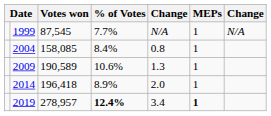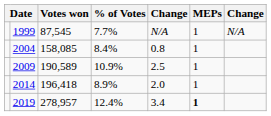 <table class="wikitable sortable">
 <tr>
 <th colspan="2">Date</th>
 <th>Votes won</th>
 <th>% of Votes</th>
 <th>Change</th>
 <th>MEPs</th>
 <th>Change</th>
 </tr>
 <tr>
 <td width="1"></td>
 <td><a href='#'>1999</a></td>
 <td>87,545</td>
 <td>7.7%</td>
 <td><em>N/A</em></td>
 <td>1</td>
 <td><em>N/A</em></td>
 </tr>
 <tr>
 <td width="1"></td>
 <td><a href='#'>2004</a></td>
 <td>158,085</td>
 <td>8.4%</td>
 <td>0.8</td>
 <td>1</td>
 <td></td>
 </tr>
 <tr>
 <td width="1"></td>
 <td><a href='#'>2009</a></td>
 <td>190,589</td>
-<td>10.6%</td>
-<td>1.3</td>
+<td>10.9%</td>
+<td>2.5</td>
 <td>1</td>
 <td></td>
 </tr>
 <tr>
 <td width="1"></td>
 <td><a href='#'>2014</a></td>
 <td>196,418</td>
 <td>8.9%</td>
 <td>2.0</td>
 <td>1</td>
 <td></td>
 </tr>
 <tr>
 <td width="1"></td>
 <td><a href='#'>2019</a></td>
 <td>278,957</td>
-<td><strong>12.4%</strong></td>
+<td>12.4%</td>
 <td>3.4</td>
 <td><strong>1</strong></td>
 <td></td>
 </tr>
 </table>
